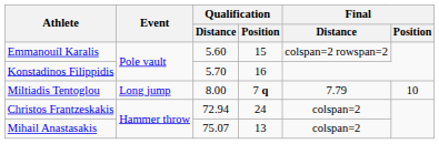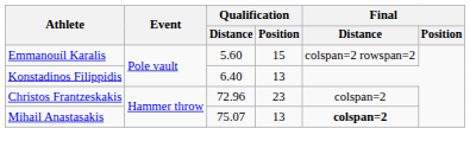 <table class=wikitable style="font-size:90%">
 <tr>
 <th rowspan="2">Athlete</th>
 <th rowspan="2">Event</th>
 <th colspan="2">Qualification</th>
 <th colspan="2">Final</th>
 </tr>
 <tr style="font-size:95%">
 <th>Distance</th>
 <th>Position</th>
 <th>Distance</th>
 <th>Position</th>
 </tr>
 <tr style=text-align:center>
 <td style=text-align:left><a href='#'>Emmanouíl Karalis</a></td>
 <td style=text-align:left rowspan=2><a href='#'>Pole vault</a></td>
 <td>5.60</td>
 <td>15</td>
 <td>colspan=2 rowspan=2 </td>
 </tr>
 <tr style=text-align:center>
 <td style=text-align:left><a href='#'>Konstadinos Filippidis</a></td>
-<td>5.70</td>
-<td>16</td>
-</tr>
-<tr style=text-align:center>
-<td style=text-align:left><a href='#'>Miltiadis Tentoglou</a></td>
-<td style=text-align:left><a href='#'>Long jump</a></td>
-<td>8.00</td>
-<td>7 <strong>q</strong></td>
-<td>7.79</td>
-<td>10</td>
+<td>6.40</td>
+<td>13</td>
 </tr>
 <tr style=text-align:center>
 <td style=text-align:left><a href='#'>Christos Frantzeskakis</a></td>
 <td style=text-align:left rowspan=2><a href='#'>Hammer throw</a></td>
-<td>72.94</td>
-<td>24</td>
+<td>72.96</td>
+<td>23</td>
 <td>colspan=2 </td>
 </tr>
 <tr style=text-align:center>
 <td style=text-align:left><a href='#'>Mihail Anastasakis</a></td>
 <td>75.07</td>
 <td>13</td>
-<td>colspan=2 </td>
+<td><strong>colspan=2 </strong></td>
 </tr>
 </table>
